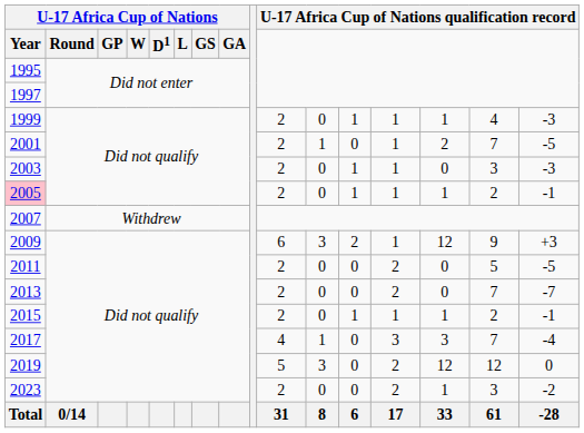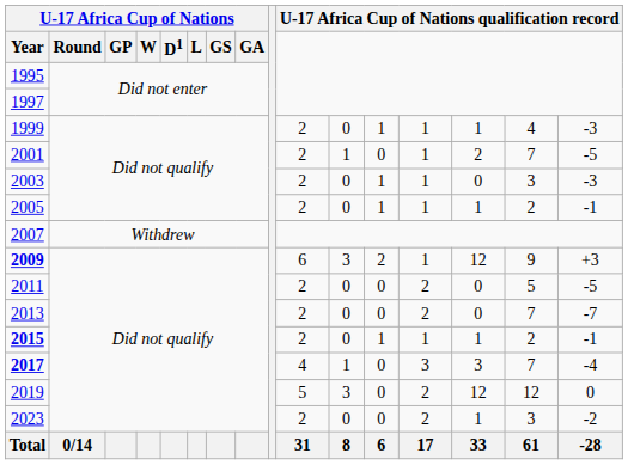 <table class="wikitable" style="text-align: center;">
 <tr>
 <th colspan=8><a href='#'>U-17 Africa Cup of Nations</a></th>
 <th rowspan=23></th>
 <th colspan=7>U-17 Africa Cup of Nations qualification record</th>
 </tr>
 <tr>
 <th>Year</th>
 <th>Round</th>
 <th>GP</th>
 <th>W</th>
 <th>D<sup>1</sup></th>
 <th>L</th>
 <th>GS</th>
 <th>GA</th>
 </tr>
 <tr>
 <td> <a href='#'>1995</a></td>
 <td rowspan=2 colspan=8><em>Did not enter</em></td>
 </tr>
 <tr>
 <td> <a href='#'>1997</a></td>
 </tr>
 <tr>
 <td> <a href='#'>1999</a></td>
 <td rowspan=4 colspan=8><em>Did not qualify</em></td>
 <td>2</td>
 <td>0</td>
 <td>1</td>
 <td>1</td>
 <td>1</td>
 <td>4</td>
 <td>-3</td>
 </tr>
 <tr>
 <td> <a href='#'>2001</a></td>
 <td>2</td>
 <td>1</td>
 <td>0</td>
 <td>1</td>
 <td>2</td>
 <td>7</td>
 <td>-5</td>
 </tr>
 <tr>
 <td> <a href='#'>2003</a></td>
 <td>2</td>
 <td>0</td>
 <td>1</td>
 <td>1</td>
 <td>0</td>
 <td>3</td>
 <td>-3</td>
 </tr>
 <tr>
-<td style="background: pink;"> <a href='#'>2005</a></td>
+<td> <a href='#'>2005</a></td>
 <td>2</td>
 <td>0</td>
 <td>1</td>
 <td>1</td>
 <td>1</td>
 <td>2</td>
 <td>-1</td>
 </tr>
 <tr>
 <td> <a href='#'>2007</a></td>
 <td colspan=8><em>Withdrew</em></td>
 </tr>
 <tr>
-<td> <a href='#'>2009</a></td>
+<td><strong> <a href='#'>2009</a></strong></td>
 <td rowspan=7 colspan=8><em>Did not qualify</em></td>
 <td>6</td>
 <td>3</td>
 <td>2</td>
 <td>1</td>
 <td>12</td>
 <td>9</td>
 <td>+3</td>
 </tr>
 <tr>
 <td> <a href='#'>2011</a></td>
 <td>2</td>
 <td>0</td>
 <td>0</td>
 <td>2</td>
 <td>0</td>
 <td>5</td>
 <td>-5</td>
 </tr>
 <tr>
 <td> <a href='#'>2013</a></td>
 <td>2</td>
 <td>0</td>
 <td>0</td>
 <td>2</td>
 <td>0</td>
 <td>7</td>
 <td>-7</td>
 </tr>
 <tr>
-<td> <a href='#'>2015</a></td>
+<td><strong> <a href='#'>2015</a></strong></td>
 <td>2</td>
 <td>0</td>
 <td>1</td>
 <td>1</td>
 <td>1</td>
 <td>2</td>
 <td>-1</td>
 </tr>
 <tr>
-<td> <a href='#'>2017</a></td>
+<td><strong> <a href='#'>2017</a></strong></td>
 <td>4</td>
 <td>1</td>
 <td>0</td>
 <td>3</td>
 <td>3</td>
 <td>7</td>
 <td>-4</td>
 </tr>
 <tr>
 <td> <a href='#'>2019</a></td>
 <td>5</td>
 <td>3</td>
 <td>0</td>
 <td>2</td>
 <td>12</td>
 <td>12</td>
 <td>0</td>
 </tr>
 <tr>
 <td> <a href='#'>2023</a></td>
 <td>2</td>
 <td>0</td>
 <td>0</td>
 <td>2</td>
 <td>1</td>
 <td>3</td>
 <td>-2</td>
 </tr>
 <tr>
 <th><strong>Total</strong></th>
 <th><strong>0/14</strong></th>
 <th></th>
 <th><strong></strong></th>
 <th><strong></strong></th>
 <th><strong></strong></th>
 <th><strong></strong></th>
 <th><strong></strong></th>
 <th><strong>31</strong></th>
 <th><strong>8</strong></th>
 <th><strong>6</strong></th>
 <th><strong>17</strong></th>
 <th><strong>33</strong></th>
 <th><strong>61</strong></th>
 <th><strong>-28</strong></th>
 </tr>
 </table>
